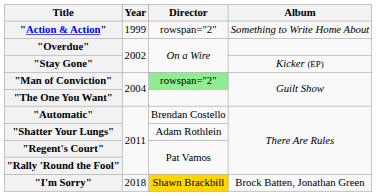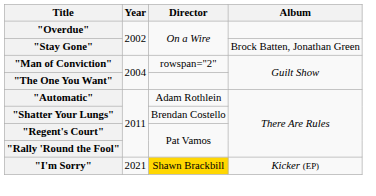 <table class="wikitable plainrowheaders" style="text-align:center">
 <tr>
 <th rowspan="1">Title</th>
 <th rowspan="1">Year</th>
 <th rowspan="1">Director</th>
 <th rowspan="1">Album</th>
 </tr>
 <tr>
-<th scope="row">"<a href='#'>Action & Action</a>"</th>
-<td>1999</td>
-<td>rowspan="2" </td>
-<td><em>Something to Write Home About</em></td>
-</tr>
-<tr>
 <th scope="row">"Overdue"</th>
 <td rowspan="2">2002</td>
 <td rowspan="2"><em>On a Wire</em></td>
 </tr>
 <tr>
 <th scope="row">"Stay Gone"</th>
-<td><em>Kicker</em> <small>(EP)</small></td>
+<td>Brock Batten, Jonathan Green</td>
 </tr>
 <tr>
 <th scope="row">"Man of Conviction"</th>
 <td rowspan="2">2004</td>
-<td style="background: lightgreen;">rowspan="2" </td>
+<td>rowspan="2" </td>
 <td rowspan="2"><em>Guilt Show</em></td>
 </tr>
 <tr>
 <th scope="row">"The One You Want"</th>
 </tr>
 <tr>
 <th scope="row">"Automatic"</th>
 <td rowspan="4">2011</td>
-<td>Brendan Costello</td>
+<td>Adam Rothlein</td>
 <td rowspan="4"><em>There Are Rules</em></td>
 </tr>
 <tr>
 <th scope="row">"Shatter Your Lungs"</th>
-<td>Adam Rothlein</td>
+<td>Brendan Costello</td>
 </tr>
 <tr>
 <th scope="row">"Regent's Court"</th>
 <td rowspan="2">Pat Vamos</td>
 </tr>
 <tr>
 <th scope="row">"Rally 'Round the Fool"</th>
 </tr>
 <tr>
 <th scope="row">"I'm Sorry"</th>
-<td>2018</td>
+<td>2021</td>
 <td style="background: gold;">Shawn Brackbill</td>
-<td>Brock Batten, Jonathan Green</td>
+<td><em>Kicker</em> <small>(EP)</small></td>
 </tr>
 </table>
